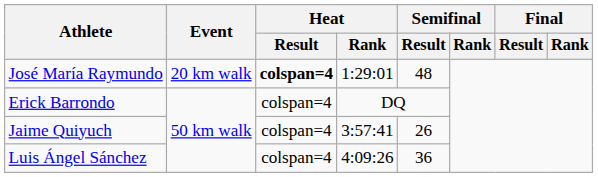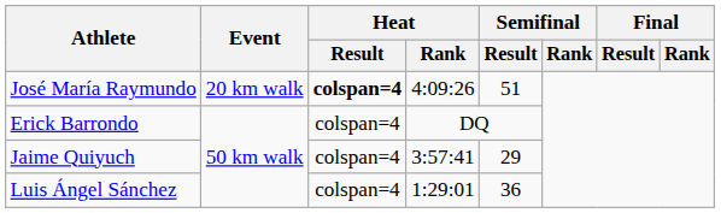 <table class="wikitable" style="font-size:90%">
 <tr>
 <th rowspan="2">Athlete</th>
 <th rowspan="2">Event</th>
 <th colspan="2">Heat</th>
 <th colspan="2">Semifinal</th>
 <th colspan="2">Final</th>
 </tr>
 <tr style="font-size:95%">
 <th>Result</th>
 <th>Rank</th>
 <th>Result</th>
 <th>Rank</th>
 <th>Result</th>
 <th>Rank</th>
 </tr>
 <tr style=text-align:center>
 <td style=text-align:left><a href='#'>José María Raymundo</a></td>
 <td style=text-align:left><a href='#'>20 km walk</a></td>
 <td><strong>colspan=4 </strong></td>
-<td>1:29:01</td>
-<td>48</td>
+<td>4:09:26</td>
+<td>51</td>
 </tr>
 <tr style=text-align:center>
 <td style=text-align:left><a href='#'>Erick Barrondo</a></td>
 <td style=text-align:left rowspan=3><a href='#'>50 km walk</a></td>
 <td>colspan=4 </td>
 <td colspan=2>DQ</td>
 </tr>
 <tr style=text-align:center>
 <td style=text-align:left><a href='#'>Jaime Quiyuch</a></td>
 <td>colspan=4 </td>
 <td>3:57:41</td>
-<td>26</td>
+<td>29</td>
 </tr>
 <tr style=text-align:center>
 <td style=text-align:left><a href='#'>Luis Ángel Sánchez</a></td>
 <td>colspan=4 </td>
-<td>4:09:26</td>
+<td>1:29:01</td>
 <td>36</td>
 </tr>
 </table>
